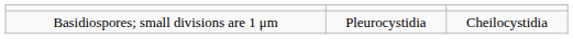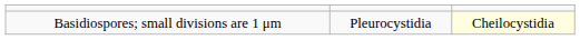 <table class="wikitable" style="width:640px; margin: 1em auto; text-align: center;">
 <tr>
 <td></td>
 <td></td>
 <td></td>
 </tr>
 <tr>
 <td>Basidiospores; small divisions are 1 μm</td>
 <td>Pleurocystidia</td>
-<td>Cheilocystidia</td>
+<td style="background: lightyellow;">Cheilocystidia</td>
 </tr>
 </table>
